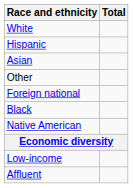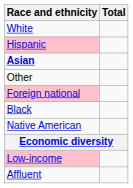 <table class="wikitable floatright sortable collapsible"; text-align:right; font-size:80%;">
 <tr>
 <th>Race and ethnicity</th>
 <th colspan="2" data-sort-type=number>Total</th>
 </tr>
 <tr>
 <td><a href='#'>White</a></td>
 <td align=right></td>
 </tr>
 <tr>
-<td><a href='#'>Hispanic</a></td>
+<td style="background: pink;"><a href='#'>Hispanic</a></td>
 <td align=right></td>
 </tr>
 <tr>
-<td><a href='#'>Asian</a></td>
+<td><strong><a href='#'>Asian</a></strong></td>
 <td align=right></td>
 </tr>
 <tr>
 <td>Other</td>
 <td align=right></td>
 </tr>
 <tr>
-<td><a href='#'>Foreign national</a></td>
+<td style="background: pink;"><a href='#'>Foreign national</a></td>
 <td align=right></td>
 </tr>
 <tr>
 <td><a href='#'>Black</a></td>
 <td align=right></td>
 </tr>
 <tr>
 <td><a href='#'>Native American</a></td>
 <td align=right></td>
 </tr>
 <tr>
 <th colspan="4" data-sort-type=number><a href='#'>Economic diversity</a></th>
 </tr>
 <tr>
-<td><a href='#'>Low-income</a></td>
+<td style="background: pink;"><a href='#'>Low-income</a></td>
 <td align=right></td>
 </tr>
 <tr>
 <td><a href='#'>Affluent</a></td>
 <td align=right></td>
 </tr>
 </table>
